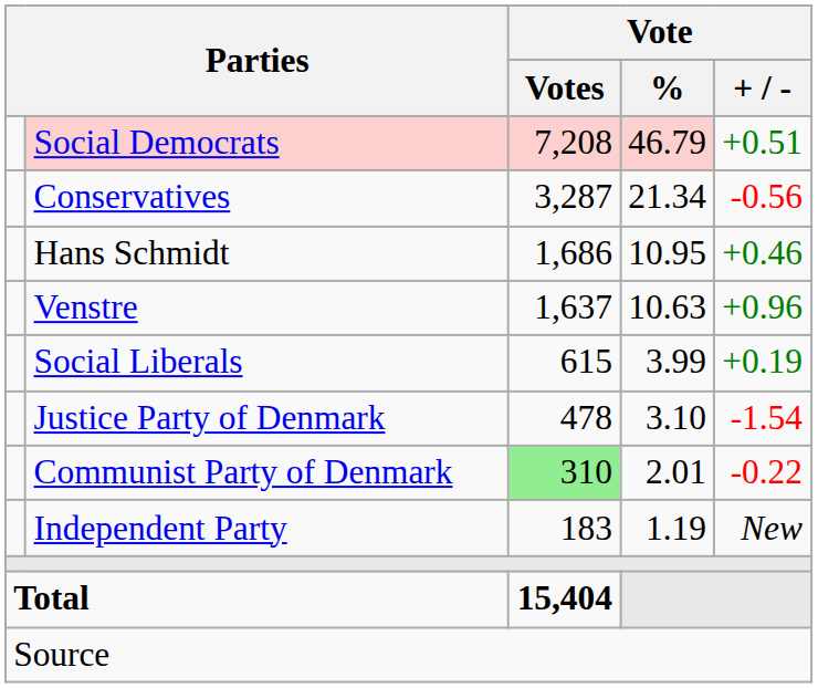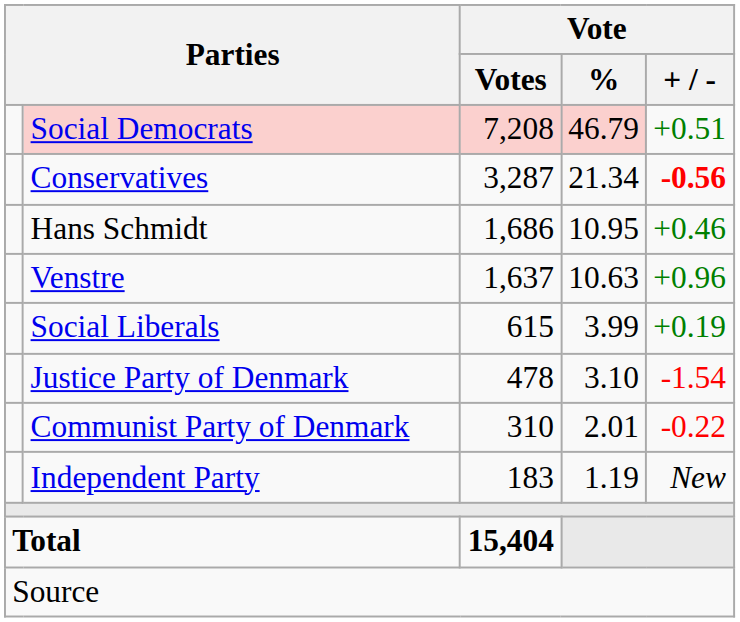 <table class="wikitable" style="text-align:right;">
 <tr>
 <th style="text-align:centre;" rowspan="2" colspan="2" width="225">Parties</th>
 <th colspan="3">Vote</th>
 </tr>
 <tr>
 <th width="15">Votes</th>
 <th width="15">%</th>
 <th width="15">+ / -</th>
 </tr>
 <tr>
 <td width="2" style="color:inherit;background:"></td>
 <td bgcolor=#fbd0ce  align="left"><a href='#'>Social Democrats</a></td>
 <td bgcolor=#fbd0ce>7,208</td>
 <td bgcolor=#fbd0ce>46.79</td>
 <td style=color:green;>+0.51</td>
 </tr>
 <tr>
 <td width="2" style="color:inherit;background:"></td>
 <td align="left"><a href='#'>Conservatives</a></td>
 <td>3,287</td>
 <td>21.34</td>
-<td style=color:red;>-0.56</td>
+<td style=color:red;><strong>-0.56</strong></td>
 </tr>
 <tr>
 <td width="2" style="color:inherit;background:"></td>
 <td align="left">Hans Schmidt</td>
 <td>1,686</td>
 <td>10.95</td>
 <td style=color:green;>+0.46</td>
 </tr>
 <tr>
 <td width="2" style="color:inherit;background:"></td>
 <td align="left"><a href='#'>Venstre</a></td>
 <td>1,637</td>
 <td>10.63</td>
 <td style=color:green;>+0.96</td>
 </tr>
 <tr>
 <td width="2" style="color:inherit;background:"></td>
 <td align="left"><a href='#'>Social Liberals</a></td>
 <td>615</td>
 <td>3.99</td>
 <td style=color:green;>+0.19</td>
 </tr>
 <tr>
 <td width="2" style="color:inherit;background:"></td>
 <td align="left"><a href='#'>Justice Party of Denmark</a></td>
 <td>478</td>
 <td>3.10</td>
 <td style=color:red;>-1.54</td>
 </tr>
 <tr>
 <td width="2" style="color:inherit;background:"></td>
 <td align="left"><a href='#'>Communist Party of Denmark</a></td>
-<td style="background: lightgreen;">310</td>
+<td>310</td>
 <td>2.01</td>
 <td style=color:red;>-0.22</td>
 </tr>
 <tr>
 <td width="2" style="color:inherit;background:"></td>
 <td align="left"><a href='#'>Independent Party</a></td>
 <td>183</td>
 <td>1.19</td>
 <td><em>New</em></td>
 </tr>
 <tr>
 <td colspan="7" bgcolor="#E9E9E9"></td>
 </tr>
 <tr>
 <td align="left" colspan="2"><strong>Total</strong></td>
 <td><strong>15,404</strong></td>
 <td bgcolor="#E9E9E9" colspan="2"></td>
 </tr>
 <tr>
 <td align="left" colspan="6">Source</td>
 </tr>
 </table>
